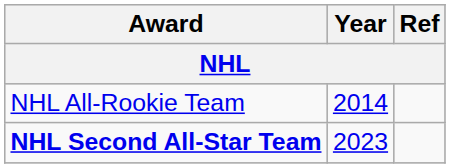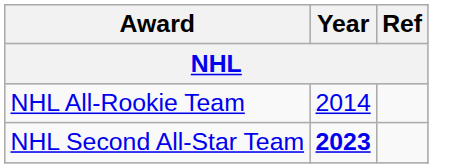 <table class="wikitable">
 <tr>
 <th>Award</th>
 <th>Year</th>
 <th>Ref</th>
 </tr>
 <tr>
 <th colspan="3"><a href='#'>NHL</a></th>
 </tr>
 <tr>
 <td><a href='#'>NHL All-Rookie Team</a></td>
 <td><a href='#'>2014</a></td>
 <td></td>
 </tr>
 <tr>
-<td><strong><a href='#'>NHL Second All-Star Team</a></strong></td>
-<td><a href='#'>2023</a></td>
+<td><a href='#'>NHL Second All-Star Team</a></td>
+<td><strong><a href='#'>2023</a></strong></td>
 <td></td>
 </tr>
 </table>
